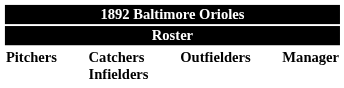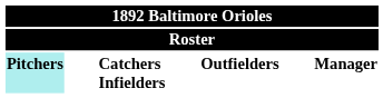 <table class="toccolours" style="font-size: 95%;">
 <tr>
 <th colspan="10" style="background-color: black; color: white; text-align: center;">1892 Baltimore Orioles</th>
 </tr>
 <tr>
 <td colspan="10" style="background-color: black; color: white; text-align: center;"><strong>Roster</strong></td>
 </tr>
 <tr>
-<td valign="top"><strong>Pitchers</strong><br>           </td>
+<td valign="top" style="background: paleturquoise;"><strong>Pitchers</strong><br>           </td>
 <td width="25px"></td>
 <td valign="top"><strong>Catchers</strong><br>   <strong>Infielders</strong>         </td>
 <td width="25px"></td>
 <td valign="top"><strong>Outfielders</strong><br>            </td>
 <td width="25px"></td>
 <td valign="top"><strong>Manager</strong><br>  </td>
 </tr>
 </table>
